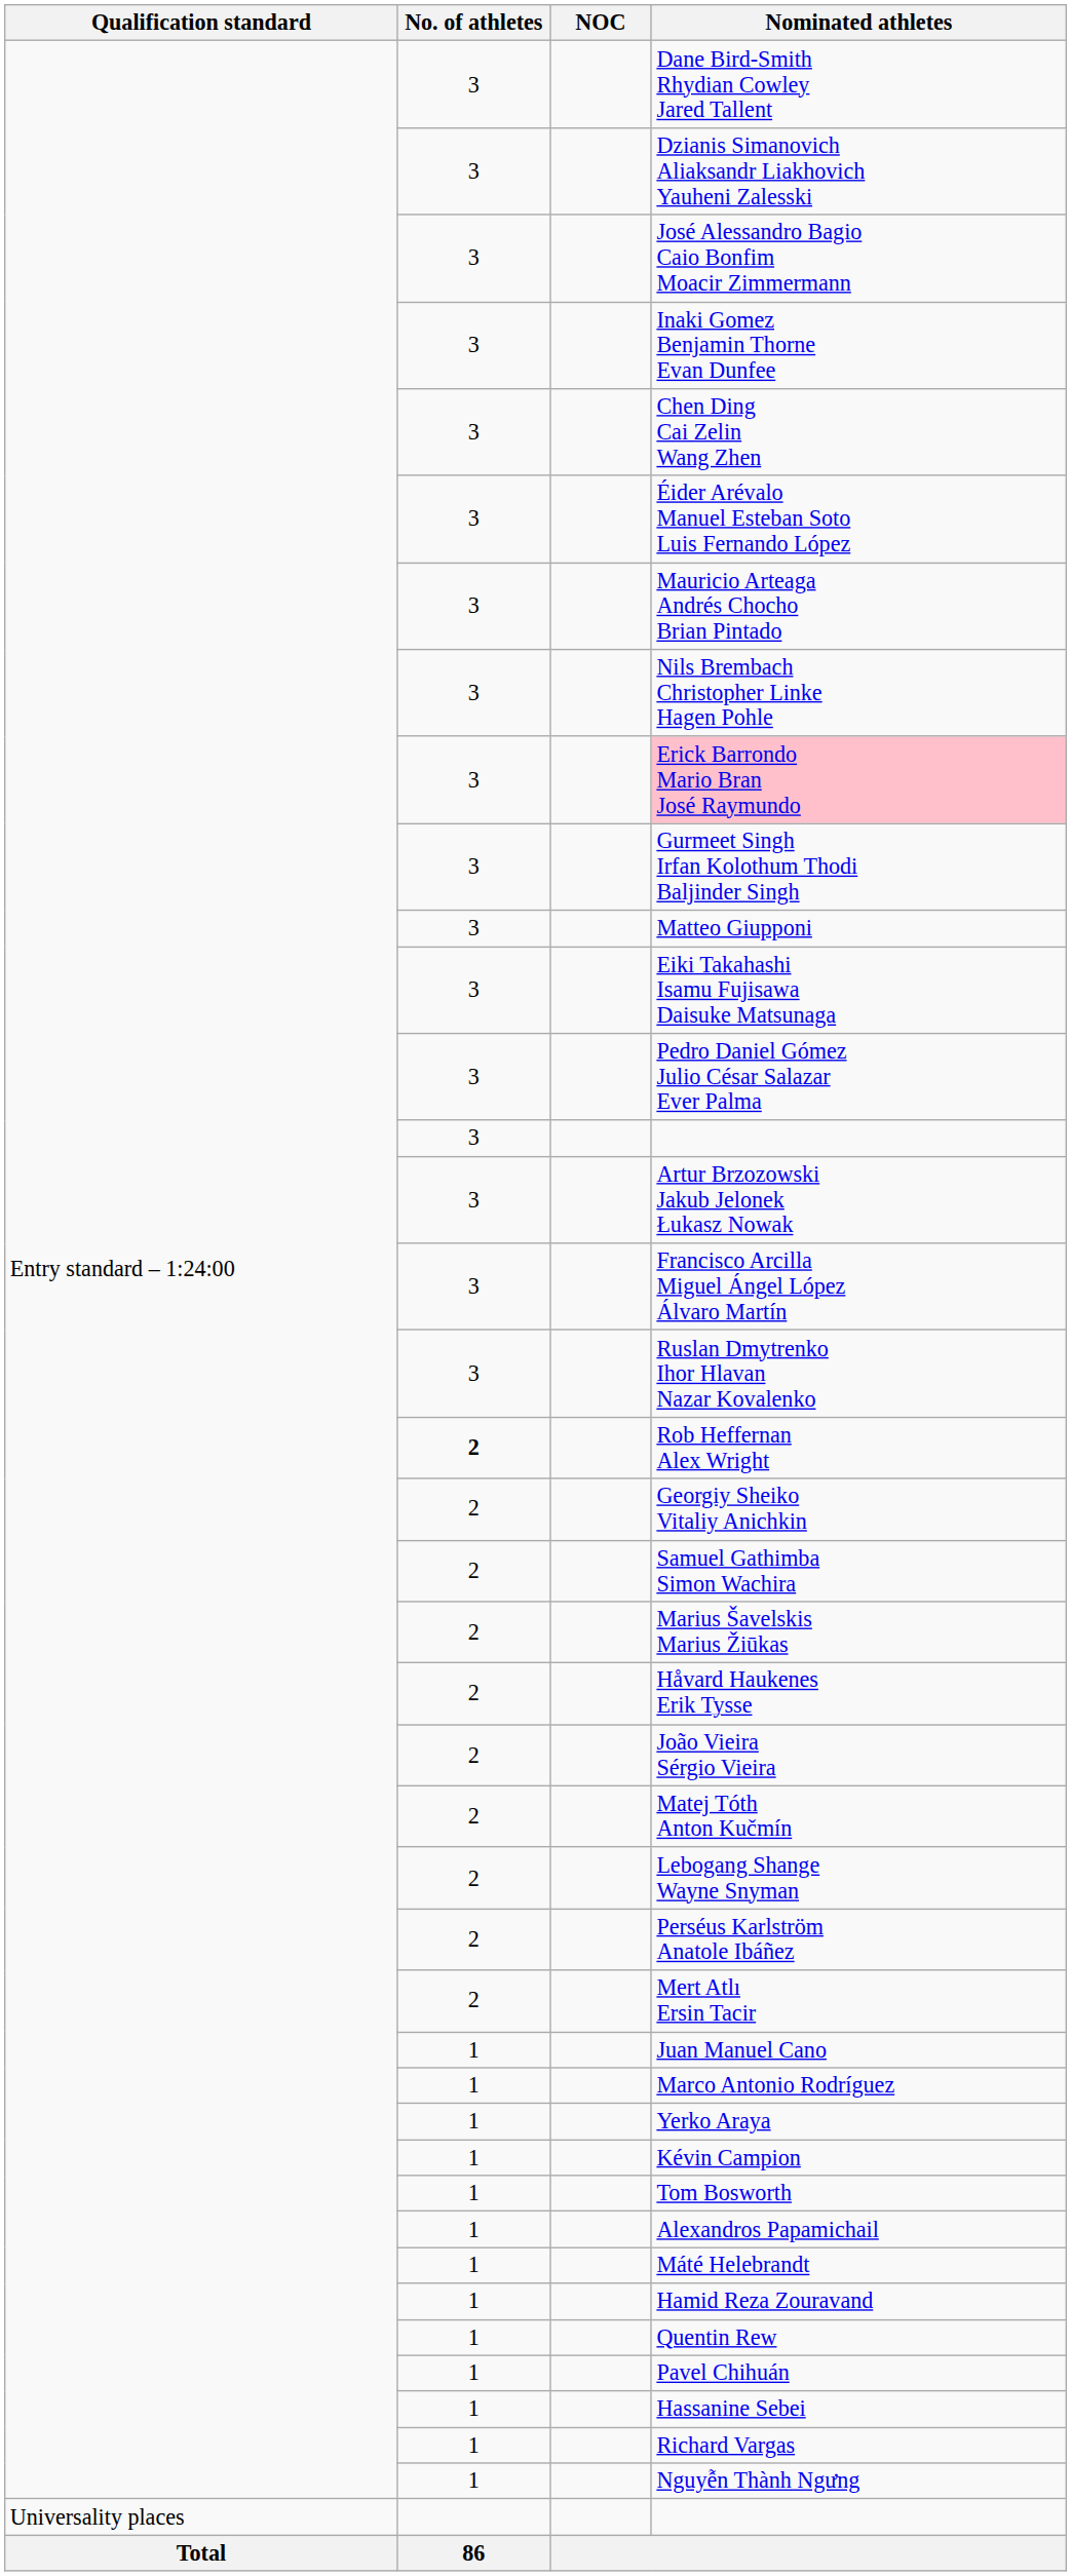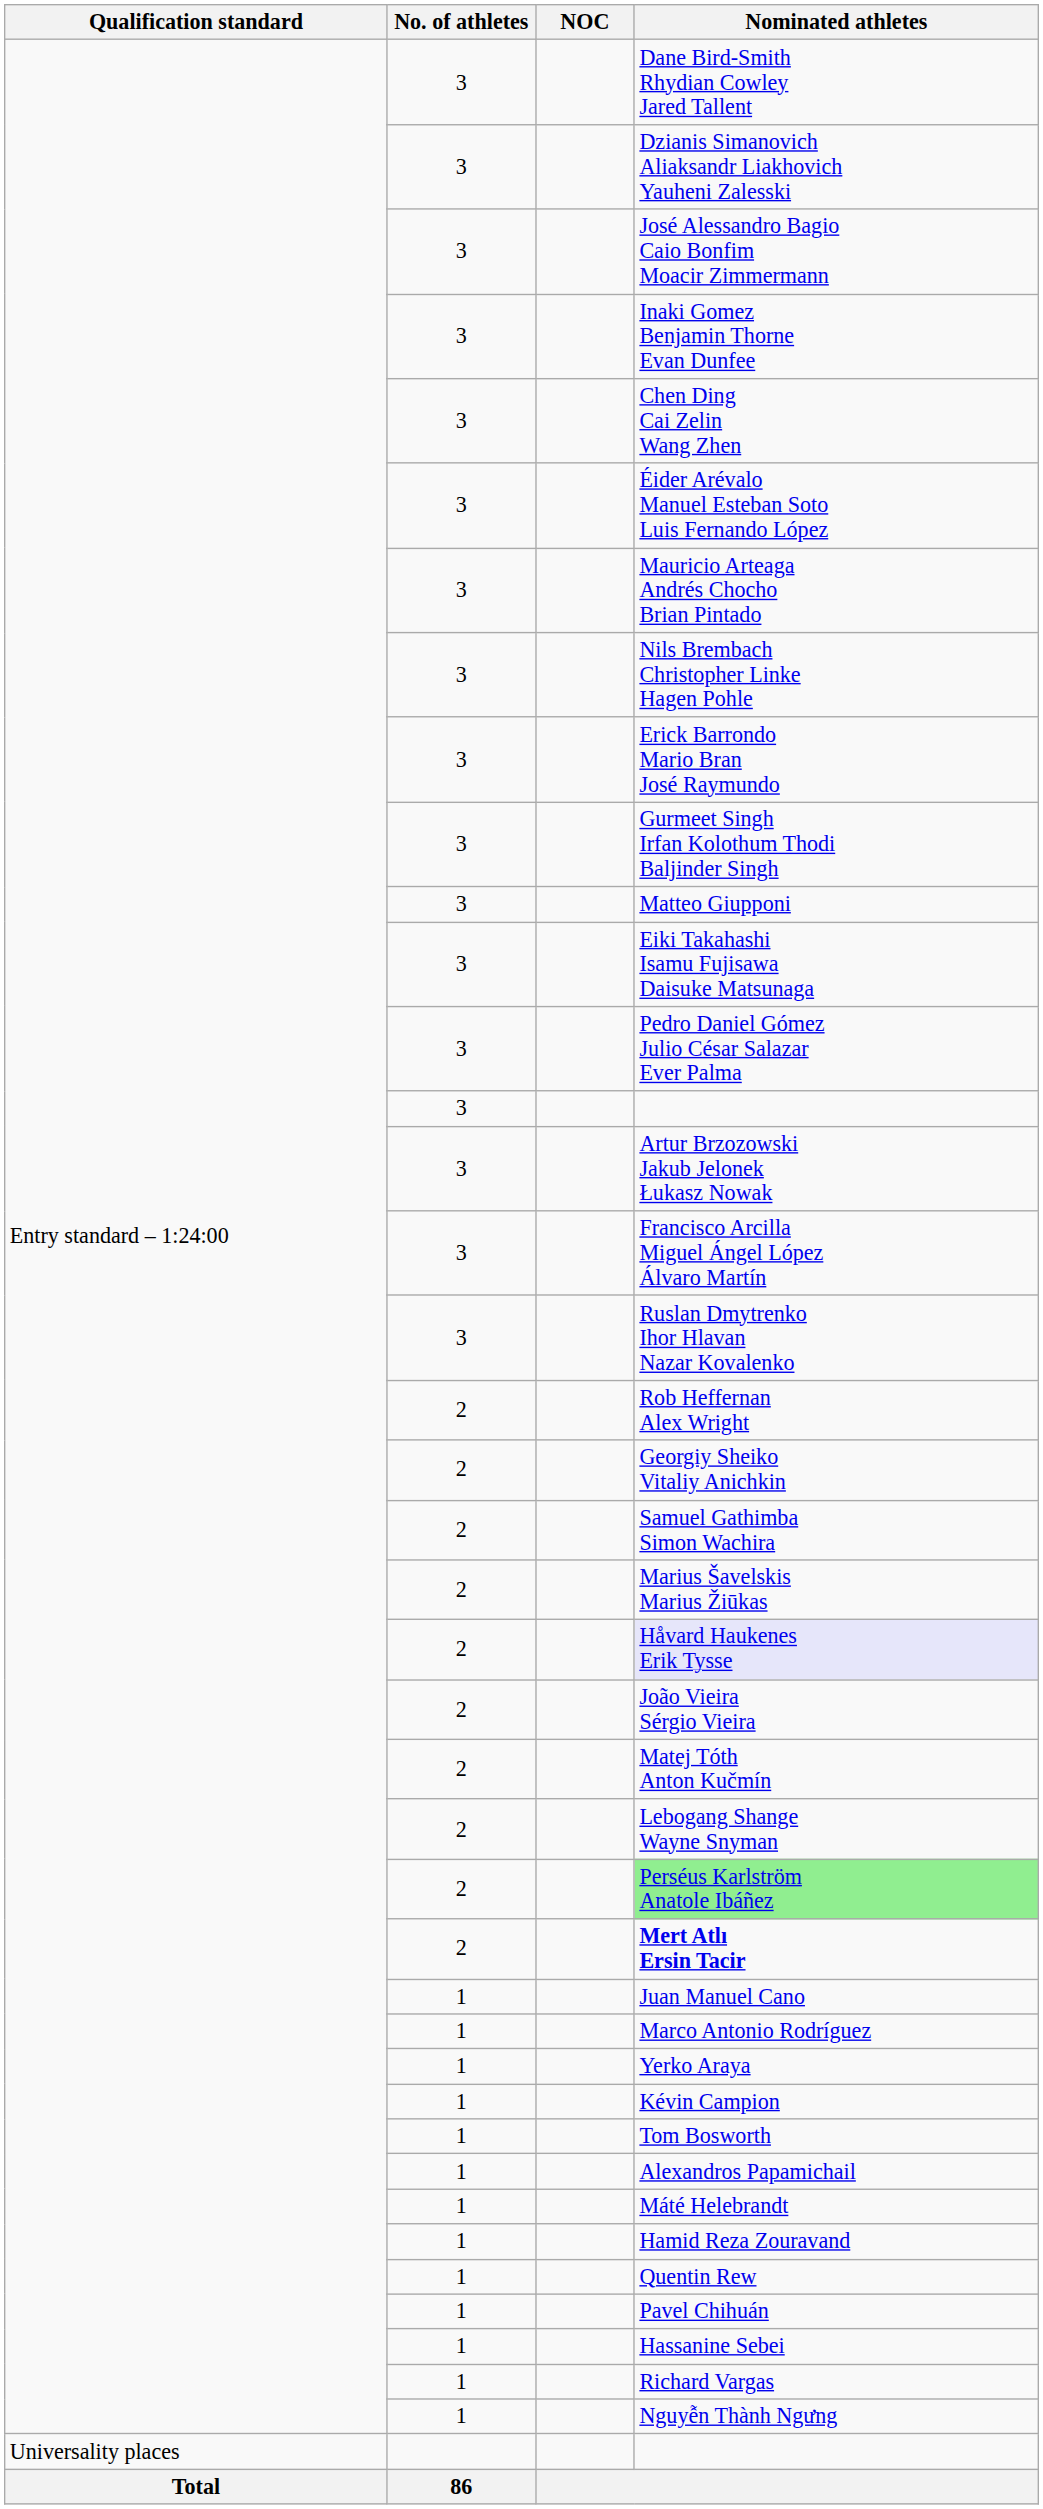 <table class="wikitable"  style="text-align:left; width:750px;">
 <tr>
 <th>Qualification standard</th>
 <th width=100>No. of athletes</th>
 <th>NOC</th>
 <th>Nominated athletes</th>
 </tr>
 <tr>
 <td rowspan=40>Entry standard – 1:24:00</td>
 <td style="text-align:center;">3</td>
 <td></td>
 <td><a href='#'>Dane Bird-Smith</a><br><a href='#'>Rhydian Cowley</a><br><a href='#'>Jared Tallent</a></td>
 </tr>
 <tr>
 <td style="text-align:center;">3</td>
 <td></td>
 <td><a href='#'>Dzianis Simanovich</a><br><a href='#'>Aliaksandr Liakhovich</a><br><a href='#'>Yauheni Zalesski</a></td>
 </tr>
 <tr>
 <td style="text-align:center;">3</td>
 <td></td>
 <td><a href='#'>José Alessandro Bagio</a> <br> <a href='#'>Caio Bonfim</a><br><a href='#'>Moacir Zimmermann</a></td>
 </tr>
 <tr>
 <td style="text-align:center;">3</td>
 <td></td>
 <td><a href='#'>Inaki Gomez</a><br><a href='#'>Benjamin Thorne</a><br><a href='#'>Evan Dunfee</a></td>
 </tr>
 <tr>
 <td style="text-align:center;">3</td>
 <td></td>
 <td><a href='#'>Chen Ding</a><br><a href='#'>Cai Zelin</a><br><a href='#'>Wang Zhen</a></td>
 </tr>
 <tr>
 <td style="text-align:center;">3</td>
 <td></td>
 <td><a href='#'>Éider Arévalo</a><br><a href='#'>Manuel Esteban Soto</a><br><a href='#'>Luis Fernando López</a></td>
 </tr>
 <tr>
 <td style="text-align:center;">3</td>
 <td></td>
 <td><a href='#'>Mauricio Arteaga</a><br><a href='#'>Andrés Chocho</a><br><a href='#'>Brian Pintado</a></td>
 </tr>
 <tr>
 <td style="text-align:center;">3</td>
 <td></td>
 <td><a href='#'>Nils Brembach</a><br><a href='#'>Christopher Linke</a><br><a href='#'>Hagen Pohle</a></td>
 </tr>
 <tr>
 <td style="text-align:center;">3</td>
 <td></td>
-<td style="background: pink;"><a href='#'>Erick Barrondo</a><br><a href='#'>Mario Bran</a><br><a href='#'>José Raymundo</a></td>
+<td><a href='#'>Erick Barrondo</a><br><a href='#'>Mario Bran</a><br><a href='#'>José Raymundo</a></td>
 </tr>
 <tr>
 <td style="text-align:center;">3</td>
 <td></td>
 <td><a href='#'>Gurmeet Singh</a><br><a href='#'>Irfan Kolothum Thodi</a><br><a href='#'>Baljinder Singh</a></td>
 </tr>
 <tr>
 <td style="text-align:center;">3</td>
 <td></td>
 <td><a href='#'>Matteo Giupponi</a></td>
 </tr>
 <tr>
 <td style="text-align:center;">3</td>
 <td></td>
 <td><a href='#'>Eiki Takahashi</a><br><a href='#'>Isamu Fujisawa</a><br><a href='#'>Daisuke Matsunaga</a></td>
 </tr>
 <tr>
 <td style="text-align:center;">3</td>
 <td></td>
 <td><a href='#'>Pedro Daniel Gómez</a><br><a href='#'>Julio César Salazar</a><br><a href='#'>Ever Palma</a></td>
 </tr>
 <tr>
 <td style="text-align:center;">3</td>
 <td></td>
 <td></td>
 </tr>
 <tr>
 <td style="text-align:center;">3</td>
 <td></td>
 <td><a href='#'>Artur Brzozowski</a><br><a href='#'>Jakub Jelonek</a><br><a href='#'>Łukasz Nowak</a></td>
 </tr>
 <tr>
 <td style="text-align:center;">3</td>
 <td></td>
 <td><a href='#'>Francisco Arcilla</a><br><a href='#'>Miguel Ángel López</a><br><a href='#'>Álvaro Martín</a></td>
 </tr>
 <tr>
 <td style="text-align:center;">3</td>
 <td></td>
 <td><a href='#'>Ruslan Dmytrenko</a><br><a href='#'>Ihor Hlavan</a><br><a href='#'>Nazar Kovalenko</a></td>
 </tr>
 <tr>
-<td style="text-align:center;"><strong>2</strong></td>
+<td style="text-align:center;">2</td>
 <td></td>
 <td><a href='#'>Rob Heffernan</a><br><a href='#'>Alex Wright</a></td>
 </tr>
 <tr>
 <td style="text-align:center;">2</td>
 <td></td>
 <td><a href='#'>Georgiy Sheiko</a><br><a href='#'>Vitaliy Anichkin</a></td>
 </tr>
 <tr>
 <td style="text-align:center;">2</td>
 <td></td>
 <td><a href='#'>Samuel Gathimba</a><br><a href='#'>Simon Wachira</a></td>
 </tr>
 <tr>
 <td style="text-align:center;">2</td>
 <td></td>
 <td><a href='#'>Marius Šavelskis</a><br><a href='#'>Marius Žiūkas</a></td>
 </tr>
 <tr>
 <td style="text-align:center;">2</td>
 <td></td>
-<td><a href='#'>Håvard Haukenes</a><br><a href='#'>Erik Tysse</a></td>
+<td style="background: lavender;"><a href='#'>Håvard Haukenes</a><br><a href='#'>Erik Tysse</a></td>
 </tr>
 <tr>
 <td style="text-align:center;">2</td>
 <td></td>
 <td><a href='#'>João Vieira</a><br><a href='#'>Sérgio Vieira</a></td>
 </tr>
 <tr>
 <td style="text-align:center;">2</td>
 <td></td>
 <td><a href='#'>Matej Tóth</a><br><a href='#'>Anton Kučmín</a></td>
 </tr>
 <tr>
 <td style="text-align:center;">2</td>
 <td></td>
 <td><a href='#'>Lebogang Shange</a><br><a href='#'>Wayne Snyman</a></td>
 </tr>
 <tr>
 <td style="text-align:center;">2</td>
 <td></td>
-<td><a href='#'>Perséus Karlström</a><br><a href='#'>Anatole Ibáñez</a></td>
+<td style="background: lightgreen;"><a href='#'>Perséus Karlström</a><br><a href='#'>Anatole Ibáñez</a></td>
 </tr>
 <tr>
 <td style="text-align:center;">2</td>
 <td></td>
-<td><a href='#'>Mert Atlı</a><br><a href='#'>Ersin Tacir</a></td>
+<td><strong><a href='#'>Mert Atlı</a><br><a href='#'>Ersin Tacir</a></strong></td>
 </tr>
 <tr>
 <td style="text-align:center;">1</td>
 <td></td>
 <td><a href='#'>Juan Manuel Cano</a></td>
 </tr>
 <tr>
 <td style="text-align:center;">1</td>
 <td></td>
 <td><a href='#'>Marco Antonio Rodríguez</a></td>
 </tr>
 <tr>
 <td style="text-align:center;">1</td>
 <td></td>
 <td><a href='#'>Yerko Araya</a></td>
 </tr>
 <tr>
 <td style="text-align:center;">1</td>
 <td></td>
 <td><a href='#'>Kévin Campion</a></td>
 </tr>
 <tr>
 <td style="text-align:center;">1</td>
 <td></td>
 <td><a href='#'>Tom Bosworth</a></td>
 </tr>
 <tr>
 <td style="text-align:center;">1</td>
 <td></td>
 <td><a href='#'>Alexandros Papamichail</a></td>
 </tr>
 <tr>
 <td style="text-align:center;">1</td>
 <td></td>
 <td><a href='#'>Máté Helebrandt</a></td>
 </tr>
 <tr>
 <td style="text-align:center;">1</td>
 <td></td>
 <td><a href='#'>Hamid Reza Zouravand</a></td>
 </tr>
 <tr>
 <td style="text-align:center;">1</td>
 <td></td>
 <td><a href='#'>Quentin Rew</a></td>
 </tr>
 <tr>
 <td style="text-align:center;">1</td>
 <td></td>
 <td><a href='#'>Pavel Chihuán</a></td>
 </tr>
 <tr>
 <td style="text-align:center;">1</td>
 <td></td>
 <td><a href='#'>Hassanine Sebei</a></td>
 </tr>
 <tr>
 <td style="text-align:center;">1</td>
 <td></td>
 <td><a href='#'>Richard Vargas</a></td>
 </tr>
 <tr>
 <td style="text-align:center;">1</td>
 <td></td>
 <td><a href='#'>Nguyễn Thành Ngưng</a></td>
 </tr>
 <tr>
 <td>Universality places</td>
 <td></td>
 <td></td>
 <td></td>
 </tr>
 <tr>
 <th>Total</th>
 <th>86</th>
 <th colspan=2></th>
 </tr>
 </table>
